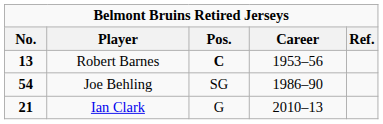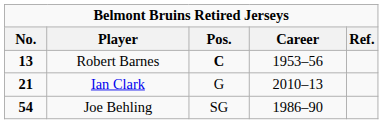 <table class="wikitable sortable" style="text-align:center">
 <tr>
 <td colspan=5><strong>Belmont Bruins Retired Jerseys</strong></td>
 </tr>
 <tr>
 <th width=40px>No.</th>
 <th width=150px>Player</th>
 <th width=60px>Pos.</th>
 <th width=100px>Career</th>
 <th width=px>Ref.</th>
 </tr>
 <tr>
 <td><strong>13</strong></td>
 <td>Robert Barnes</td>
 <td><strong>C</strong></td>
 <td>1953–56</td>
 <td></td>
 </tr>
 <tr>
+<td><strong>21</strong></td>
+<td><a href='#'>Ian Clark</a></td>
+<td>G</td>
+<td>2010–13</td>
+<td></td>
+</tr>
+<tr>
 <td><strong>54</strong></td>
 <td>Joe Behling</td>
 <td>SG</td>
 <td>1986–90</td>
 <td></td>
 </tr>
-<tr>
-<td><strong>21</strong></td>
-<td><a href='#'>Ian Clark</a></td>
-<td>G</td>
-<td>2010–13</td>
-<td></td>
-</tr>
 </table>
